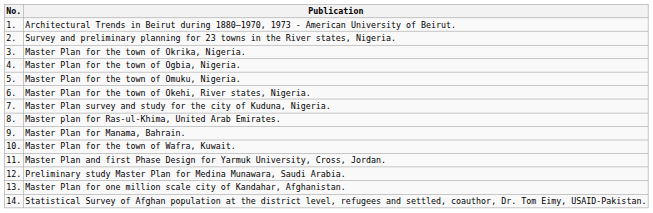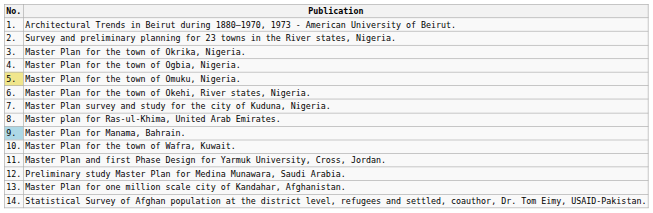 <table class="wikitable">
 <tr>
 <th>No.</th>
 <th>Publication</th>
 </tr>
 <tr>
 <td>1.</td>
 <td>Architectural Trends in Beirut during 1880–1970, 1973 - American University of Beirut.</td>
 </tr>
 <tr>
 <td>2.</td>
 <td>Survey and preliminary planning for 23 towns in the River states, Nigeria.</td>
 </tr>
 <tr>
 <td>3.</td>
 <td>Master Plan for the town of Okrika,  Nigeria.</td>
 </tr>
 <tr>
 <td>4.</td>
 <td>Master Plan for the town of  Ogbia,  Nigeria.</td>
 </tr>
 <tr>
-<td>5.</td>
+<td style="background: khaki;">5.</td>
 <td>Master Plan for the town of  Omuku, Nigeria.</td>
 </tr>
 <tr>
 <td>6.</td>
 <td>Master Plan for the town of Okehi, River states, Nigeria.</td>
 </tr>
 <tr>
 <td>7.</td>
 <td>Master Plan survey and study for the city of Kuduna,  Nigeria.</td>
 </tr>
 <tr>
 <td>8.</td>
 <td>Master plan for Ras-ul-Khima,  United Arab Emirates.</td>
 </tr>
 <tr>
-<td>9.</td>
+<td style="background: lightblue;">9.</td>
 <td>Master Plan for Manama, Bahrain.</td>
 </tr>
 <tr>
 <td>10.</td>
 <td>Master Plan for the town of Wafra,  Kuwait.</td>
 </tr>
 <tr>
 <td>11.</td>
 <td>Master Plan and first Phase Design for Yarmuk University, Cross,  Jordan.</td>
 </tr>
 <tr>
 <td>12.</td>
 <td>Preliminary study Master Plan for Medina Munawara, Saudi Arabia.</td>
 </tr>
 <tr>
 <td>13.</td>
 <td>Master Plan for one million scale city of Kandahar, Afghanistan.</td>
 </tr>
 <tr>
 <td>14.</td>
 <td>Statistical Survey of Afghan population at the district level, refugees and settled, coauthor, Dr. Tom Eimy, USAID-Pakistan.</td>
 </tr>
 </table>
